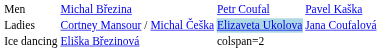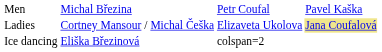 <table>
 <tr>
 <td>Men</td>
 <td><a href='#'>Michal Březina</a></td>
 <td><a href='#'>Petr Coufal</a></td>
 <td><a href='#'>Pavel Kaška</a></td>
 </tr>
 <tr>
 <td>Ladies</td>
 <td><a href='#'>Cortney Mansour</a> / <a href='#'>Michal Češka</a></td>
-<td style="background: lightblue;"><a href='#'>Elizaveta Ukolova</a></td>
-<td><a href='#'>Jana Coufalová</a></td>
+<td><a href='#'>Elizaveta Ukolova</a></td>
+<td style="background: khaki;"><a href='#'>Jana Coufalová</a></td>
 </tr>
 <tr>
 <td>Ice dancing</td>
 <td><a href='#'>Eliška Březinová</a></td>
 <td>colspan=2 </td>
 </tr>
 </table>
